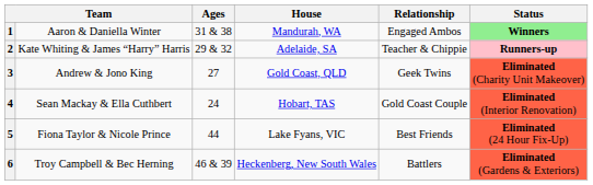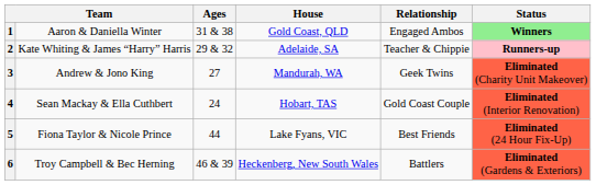 <table class="wikitable" style="text-align:center">
 <tr valign="top">
 <th colspan="2">Team</th>
 <th>Ages</th>
 <th>House</th>
 <th>Relationship</th>
 <th>Status</th>
 </tr>
 <tr>
 <th>1</th>
 <td>Aaron & Daniella Winter</td>
 <td>31 & 38</td>
-<td><a href='#'>Mandurah, WA</a></td>
+<td><a href='#'>Gold Coast, QLD</a></td>
 <td>Engaged Ambos</td>
 <td bgcolor="lightgreen"><strong>Winners</strong></td>
 </tr>
 <tr>
 <th>2</th>
 <td>Kate Whiting & James “Harry” Harris</td>
 <td>29 & 32</td>
 <td><a href='#'>Adelaide, SA</a></td>
 <td>Teacher & Chippie</td>
 <td bgcolor="pink"><strong>Runners-up</strong></td>
 </tr>
 <tr>
 <th>3</th>
 <td>Andrew & Jono King</td>
 <td>27</td>
-<td><a href='#'>Gold Coast, QLD</a></td>
+<td><a href='#'>Mandurah, WA</a></td>
 <td>Geek Twins</td>
 <td bgcolor="tomato"><strong>Eliminated</strong><br>(Charity Unit Makeover)</td>
 </tr>
 <tr>
 <th>4</th>
 <td>Sean Mackay & Ella Cuthbert</td>
 <td>24</td>
 <td><a href='#'>Hobart, TAS</a></td>
 <td>Gold Coast Couple</td>
 <td bgcolor="tomato"><strong>Eliminated</strong><br>(Interior Renovation)</td>
 </tr>
 <tr>
 <th>5</th>
 <td>Fiona Taylor & Nicole Prince</td>
 <td>44</td>
 <td>Lake Fyans, VIC</td>
 <td>Best Friends</td>
 <td bgcolor="tomato"><strong>Eliminated</strong><br>(24 Hour Fix-Up)</td>
 </tr>
 <tr>
 <th>6</th>
 <td>Troy Campbell & Bec Herning</td>
 <td>46 & 39</td>
 <td><a href='#'>Heckenberg, New South Wales</a></td>
 <td>Battlers</td>
 <td bgcolor="tomato"><strong>Eliminated</strong><br>(Gardens & Exteriors)</td>
 </tr>
 </table>
